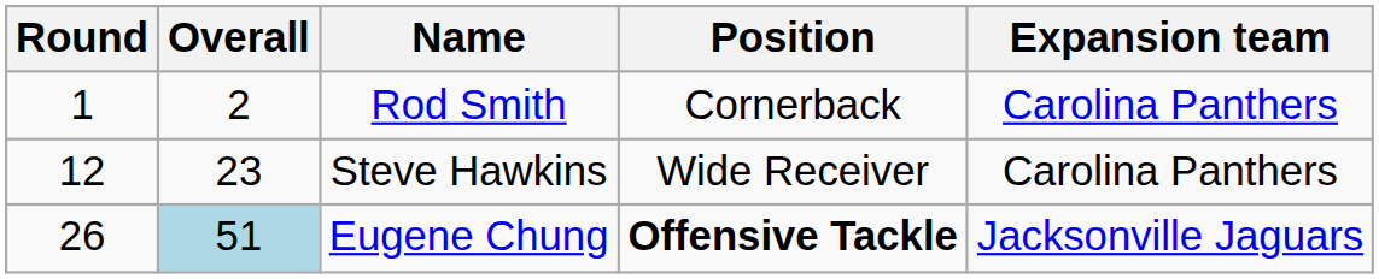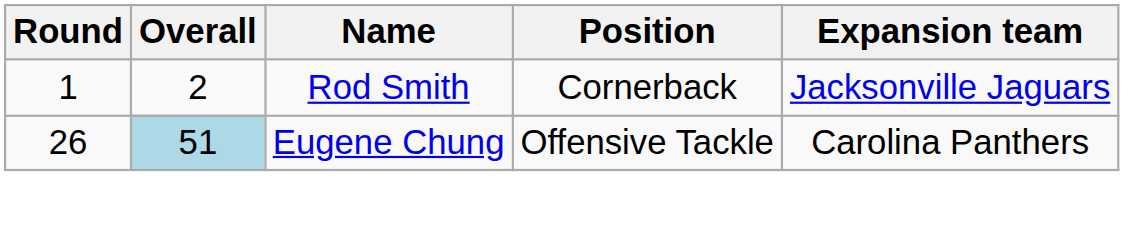 <table class="wikitable" style="text-align:center">
 <tr>
 <th>Round</th>
 <th>Overall</th>
 <th>Name</th>
 <th>Position</th>
 <th>Expansion team</th>
 </tr>
 <tr>
 <td>1</td>
 <td>2</td>
 <td><a href='#'>Rod Smith</a></td>
 <td>Cornerback</td>
-<td><a href='#'>Carolina Panthers</a></td>
-</tr>
-<tr>
-<td>12</td>
-<td>23</td>
-<td>Steve Hawkins</td>
-<td>Wide Receiver</td>
-<td>Carolina Panthers</td>
+<td><a href='#'>Jacksonville Jaguars</a></td>
 </tr>
 <tr>
 <td>26</td>
 <td style="background: lightblue;">51</td>
 <td><a href='#'>Eugene Chung</a></td>
-<td><strong>Offensive Tackle</strong></td>
-<td><a href='#'>Jacksonville Jaguars</a></td>
+<td>Offensive Tackle</td>
+<td>Carolina Panthers</td>
 </tr>
 </table>
